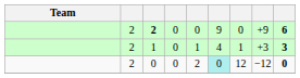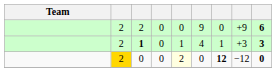 <table class="wikitable" style="text-align: center;">
 <tr>
 <th width="165">Team</th>
 <th width="25"></th>
 <th width="25"></th>
 <th width="25"></th>
 <th width="25"></th>
 <th width="25"></th>
 <th width="25"></th>
 <th width="25"></th>
 <th width="25"></th>
 </tr>
 <tr style="background:#cfc;">
 <td align=left></td>
 <td>2</td>
-<td><strong>2</strong></td>
+<td>2</td>
 <td>0</td>
 <td>0</td>
 <td>9</td>
 <td>0</td>
 <td>+9</td>
 <td><strong>6</strong></td>
 </tr>
 <tr style="background:#cfc;">
 <td align=left></td>
 <td>2</td>
-<td>1</td>
+<td><strong>1</strong></td>
 <td>0</td>
 <td>1</td>
 <td>4</td>
 <td>1</td>
 <td>+3</td>
 <td><strong>3</strong></td>
 </tr>
 <tr>
 <td align=left></td>
-<td>2</td>
+<td style="background: gold;">2</td>
 <td>0</td>
 <td>0</td>
-<td>2</td>
-<td style="background: paleturquoise;">0</td>
-<td>12</td>
+<td style="background: lightyellow;">2</td>
+<td>0</td>
+<td><strong>12</strong></td>
 <td>−12</td>
 <td><strong>0</strong></td>
 </tr>
 <tr>
 </tr>
 </table>
